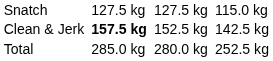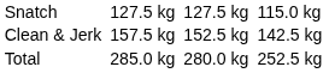 <table>
 <tr>
 <td>Snatch</td>
 <td></td>
 <td>127.5 kg</td>
 <td></td>
 <td>127.5 kg</td>
 <td></td>
 <td>115.0 kg</td>
 </tr>
 <tr>
 <td>Clean & Jerk</td>
 <td></td>
-<td><strong>157.5 kg</strong></td>
+<td>157.5 kg</td>
 <td></td>
 <td>152.5 kg</td>
 <td></td>
 <td>142.5 kg</td>
 </tr>
 <tr>
 <td>Total</td>
 <td></td>
 <td>285.0 kg</td>
 <td></td>
 <td>280.0 kg</td>
 <td></td>
 <td>252.5 kg</td>
 </tr>
 </table>
